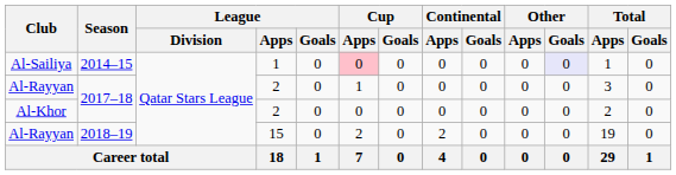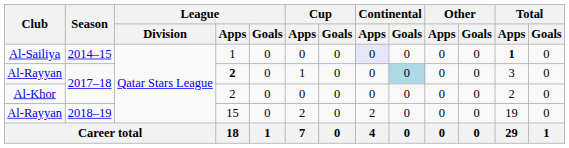 <table class="wikitable" style="text-align: center">
 <tr>
 <th rowspan="2">Club</th>
 <th rowspan="2">Season</th>
 <th colspan="3">League</th>
 <th colspan="2">Cup</th>
 <th colspan="2">Continental</th>
 <th colspan="2">Other</th>
 <th colspan="2">Total</th>
 </tr>
 <tr>
 <th>Division</th>
 <th>Apps</th>
 <th>Goals</th>
 <th>Apps</th>
 <th>Goals</th>
 <th>Apps</th>
 <th>Goals</th>
 <th>Apps</th>
 <th>Goals</th>
 <th>Apps</th>
 <th>Goals</th>
 </tr>
 <tr>
 <td><a href='#'>Al-Sailiya</a></td>
 <td><a href='#'>2014–15</a></td>
 <td rowspan="4"><a href='#'>Qatar Stars League</a></td>
 <td>1</td>
 <td>0</td>
-<td style="background: pink;">0</td>
+<td>0</td>
+<td>0</td>
+<td style="background: lavender;">0</td>
 <td>0</td>
 <td>0</td>
 <td>0</td>
-<td>0</td>
-<td style="background: lavender;">0</td>
-<td>1</td>
+<td><strong>1</strong></td>
 <td>0</td>
 </tr>
 <tr>
 <td><a href='#'>Al-Rayyan</a></td>
 <td rowspan="2"><a href='#'>2017–18</a></td>
-<td>2</td>
+<td><strong>2</strong></td>
 <td>0</td>
 <td>1</td>
 <td>0</td>
 <td>0</td>
-<td>0</td>
+<td style="background: lightblue;">0</td>
 <td>0</td>
 <td>0</td>
 <td>3</td>
 <td>0</td>
 </tr>
 <tr>
 <td><a href='#'>Al-Khor</a></td>
 <td>2</td>
 <td>0</td>
 <td>0</td>
 <td>0</td>
 <td>0</td>
 <td>0</td>
 <td>0</td>
 <td>0</td>
 <td>2</td>
 <td>0</td>
 </tr>
 <tr>
 <td><a href='#'>Al-Rayyan</a></td>
 <td><a href='#'>2018–19</a></td>
 <td>15</td>
 <td>0</td>
 <td>2</td>
 <td>0</td>
 <td>2</td>
 <td>0</td>
 <td>0</td>
 <td>0</td>
 <td>19</td>
 <td>0</td>
 </tr>
 <tr>
 <th colspan=3>Career total</th>
 <th>18</th>
 <th>1</th>
 <th>7</th>
 <th>0</th>
 <th>4</th>
 <th>0</th>
 <th>0</th>
 <th>0</th>
 <th>29</th>
 <th>1</th>
 </tr>
 </table>
